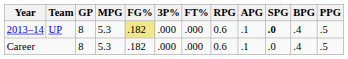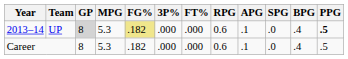 <table class="wikitable sortable">
 <tr>
 <th>Year</th>
 <th>Team</th>
 <th>GP</th>
 <th>MPG</th>
 <th>FG%</th>
 <th>3P%</th>
 <th>FT%</th>
 <th>RPG</th>
 <th>APG</th>
 <th>SPG</th>
 <th>BPG</th>
 <th>PPG</th>
 </tr>
 <tr>
 <td><a href='#'>2013–14</a></td>
 <td><a href='#'>UP</a></td>
-<td>8</td>
+<td style="background: lightgrey;">8</td>
 <td>5.3</td>
 <td style="background: khaki;">.182</td>
 <td>.000</td>
 <td>.000</td>
 <td>0.6</td>
 <td>.1</td>
-<td><strong>.0</strong></td>
+<td>.0</td>
 <td>.4</td>
-<td>.5</td>
+<td><strong>.5</strong></td>
 </tr>
 <tr>
 <td colspan="2">Career</td>
 <td>8</td>
 <td>5.3</td>
 <td>.182</td>
 <td>.000</td>
 <td>.000</td>
 <td>0.6</td>
 <td>.1</td>
 <td>.0</td>
 <td>.4</td>
 <td>.5</td>
 </tr>
 </table>
